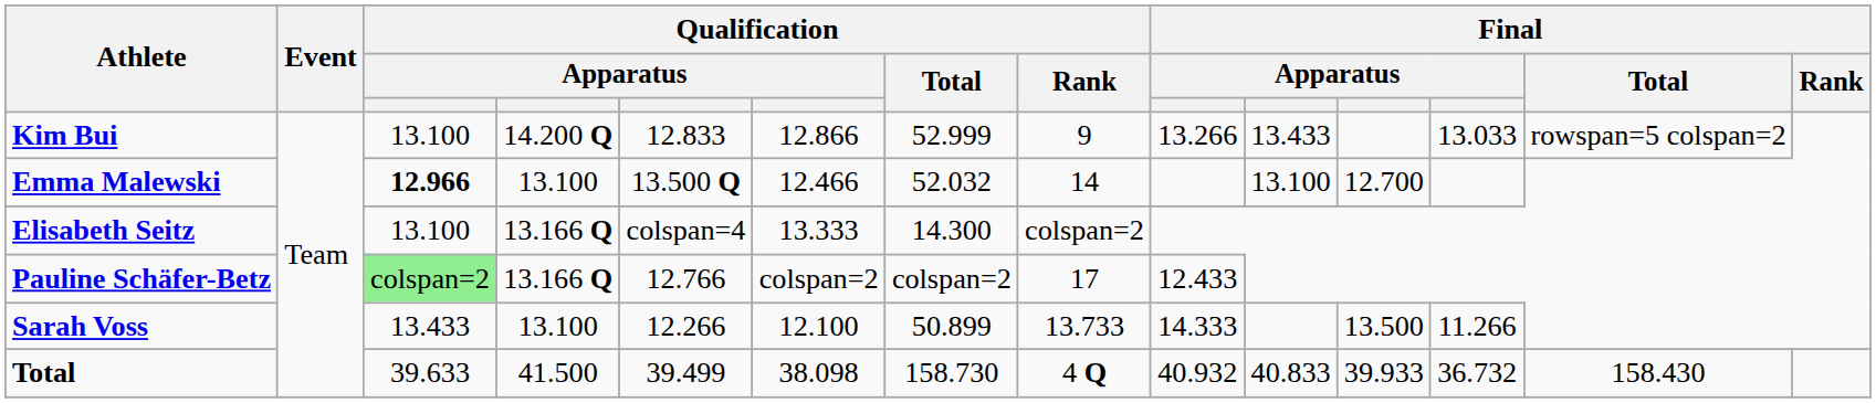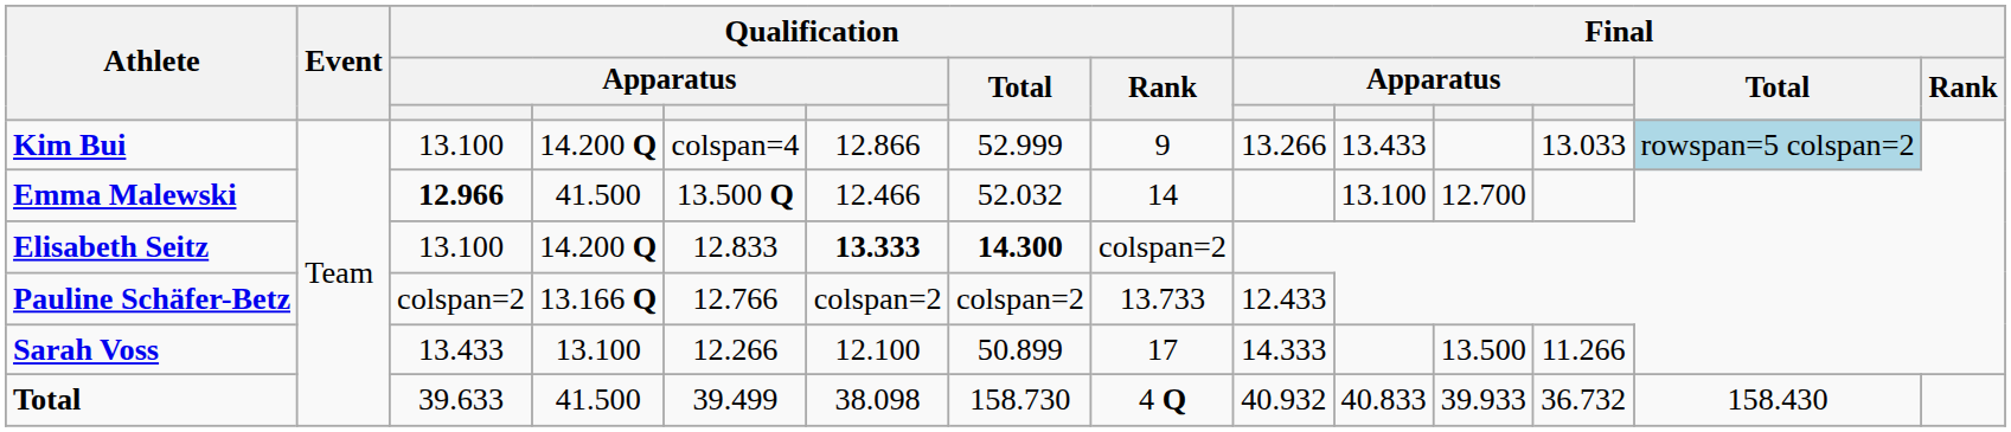 <table class="wikitable" style="font-size:90%">
 <tr>
 <th rowspan=3>Athlete</th>
 <th rowspan=3>Event</th>
 <th colspan=6>Qualification</th>
 <th colspan=6>Final</th>
 </tr>
 <tr style="font-size:95%">
 <th colspan=4>Apparatus</th>
 <th rowspan=2>Total</th>
 <th rowspan=2>Rank</th>
 <th colspan=4>Apparatus</th>
 <th rowspan=2>Total</th>
 <th rowspan=2>Rank</th>
 </tr>
 <tr style="font-size:95%">
 <th></th>
 <th></th>
 <th></th>
 <th></th>
 <th></th>
 <th></th>
 <th></th>
 <th></th>
 </tr>
 <tr align=center>
 <td align=left><strong><a href='#'>Kim Bui</a></strong></td>
 <td align=left rowspan=6>Team</td>
 <td>13.100</td>
 <td>14.200 <strong>Q</strong></td>
-<td>12.833</td>
+<td>colspan=4</td>
 <td>12.866</td>
 <td>52.999</td>
 <td>9</td>
 <td>13.266</td>
 <td>13.433</td>
 <td></td>
 <td>13.033</td>
-<td>rowspan=5 colspan=2</td>
+<td style="background: lightblue;">rowspan=5 colspan=2</td>
 </tr>
 <tr align=center>
 <td align=left><strong><a href='#'>Emma Malewski</a></strong></td>
 <td><strong>12.966</strong></td>
-<td>13.100</td>
+<td>41.500</td>
 <td>13.500 <strong>Q</strong></td>
 <td>12.466</td>
 <td>52.032</td>
 <td>14</td>
 <td></td>
 <td>13.100</td>
 <td>12.700</td>
 <td></td>
 </tr>
 <tr align=center>
 <td align=left><strong><a href='#'>Elisabeth Seitz</a></strong></td>
 <td>13.100</td>
-<td>13.166 <strong>Q</strong></td>
-<td>colspan=4</td>
-<td>13.333</td>
-<td>14.300</td>
+<td>14.200 <strong>Q</strong></td>
+<td>12.833</td>
+<td><strong>13.333</strong></td>
+<td><strong>14.300</strong></td>
 <td>colspan=2</td>
 </tr>
 <tr align=center>
 <td align=left><strong><a href='#'>Pauline Schäfer-Betz</a></strong></td>
-<td style="background: lightgreen;">colspan=2</td>
+<td>colspan=2</td>
 <td>13.166 <strong>Q</strong></td>
 <td>12.766</td>
 <td>colspan=2</td>
 <td>colspan=2</td>
-<td>17</td>
+<td>13.733</td>
 <td>12.433</td>
 </tr>
 <tr align=center>
 <td align=left><strong><a href='#'>Sarah Voss</a></strong></td>
 <td>13.433</td>
 <td>13.100</td>
 <td>12.266</td>
 <td>12.100</td>
 <td>50.899</td>
-<td>13.733</td>
+<td>17</td>
 <td>14.333</td>
 <td></td>
 <td>13.500</td>
 <td>11.266</td>
 </tr>
 <tr align=center>
 <td align=left><strong>Total</strong></td>
 <td>39.633</td>
 <td>41.500</td>
 <td>39.499</td>
 <td>38.098</td>
 <td>158.730</td>
 <td>4 <strong>Q</strong></td>
 <td>40.932</td>
 <td>40.833</td>
 <td>39.933</td>
 <td>36.732</td>
 <td>158.430</td>
 <td></td>
 </tr>
 </table>
